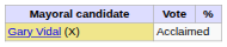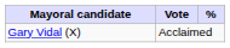 <table class="wikitable">
 <tr>
 <th style="background:#ddf; width:200px;">Mayoral candidate</th>
 <th style="background:#ddf; width:50px;">Vote</th>
 <th style="background:#ddf; width:30px;">%</th>
 </tr>
 <tr>
-<td style="background: khaki;"><a href='#'>Gary Vidal</a> (X)</td>
+<td><a href='#'>Gary Vidal</a> (X)</td>
 <td colspan="2">Acclaimed</td>
 </tr>
 </table>
